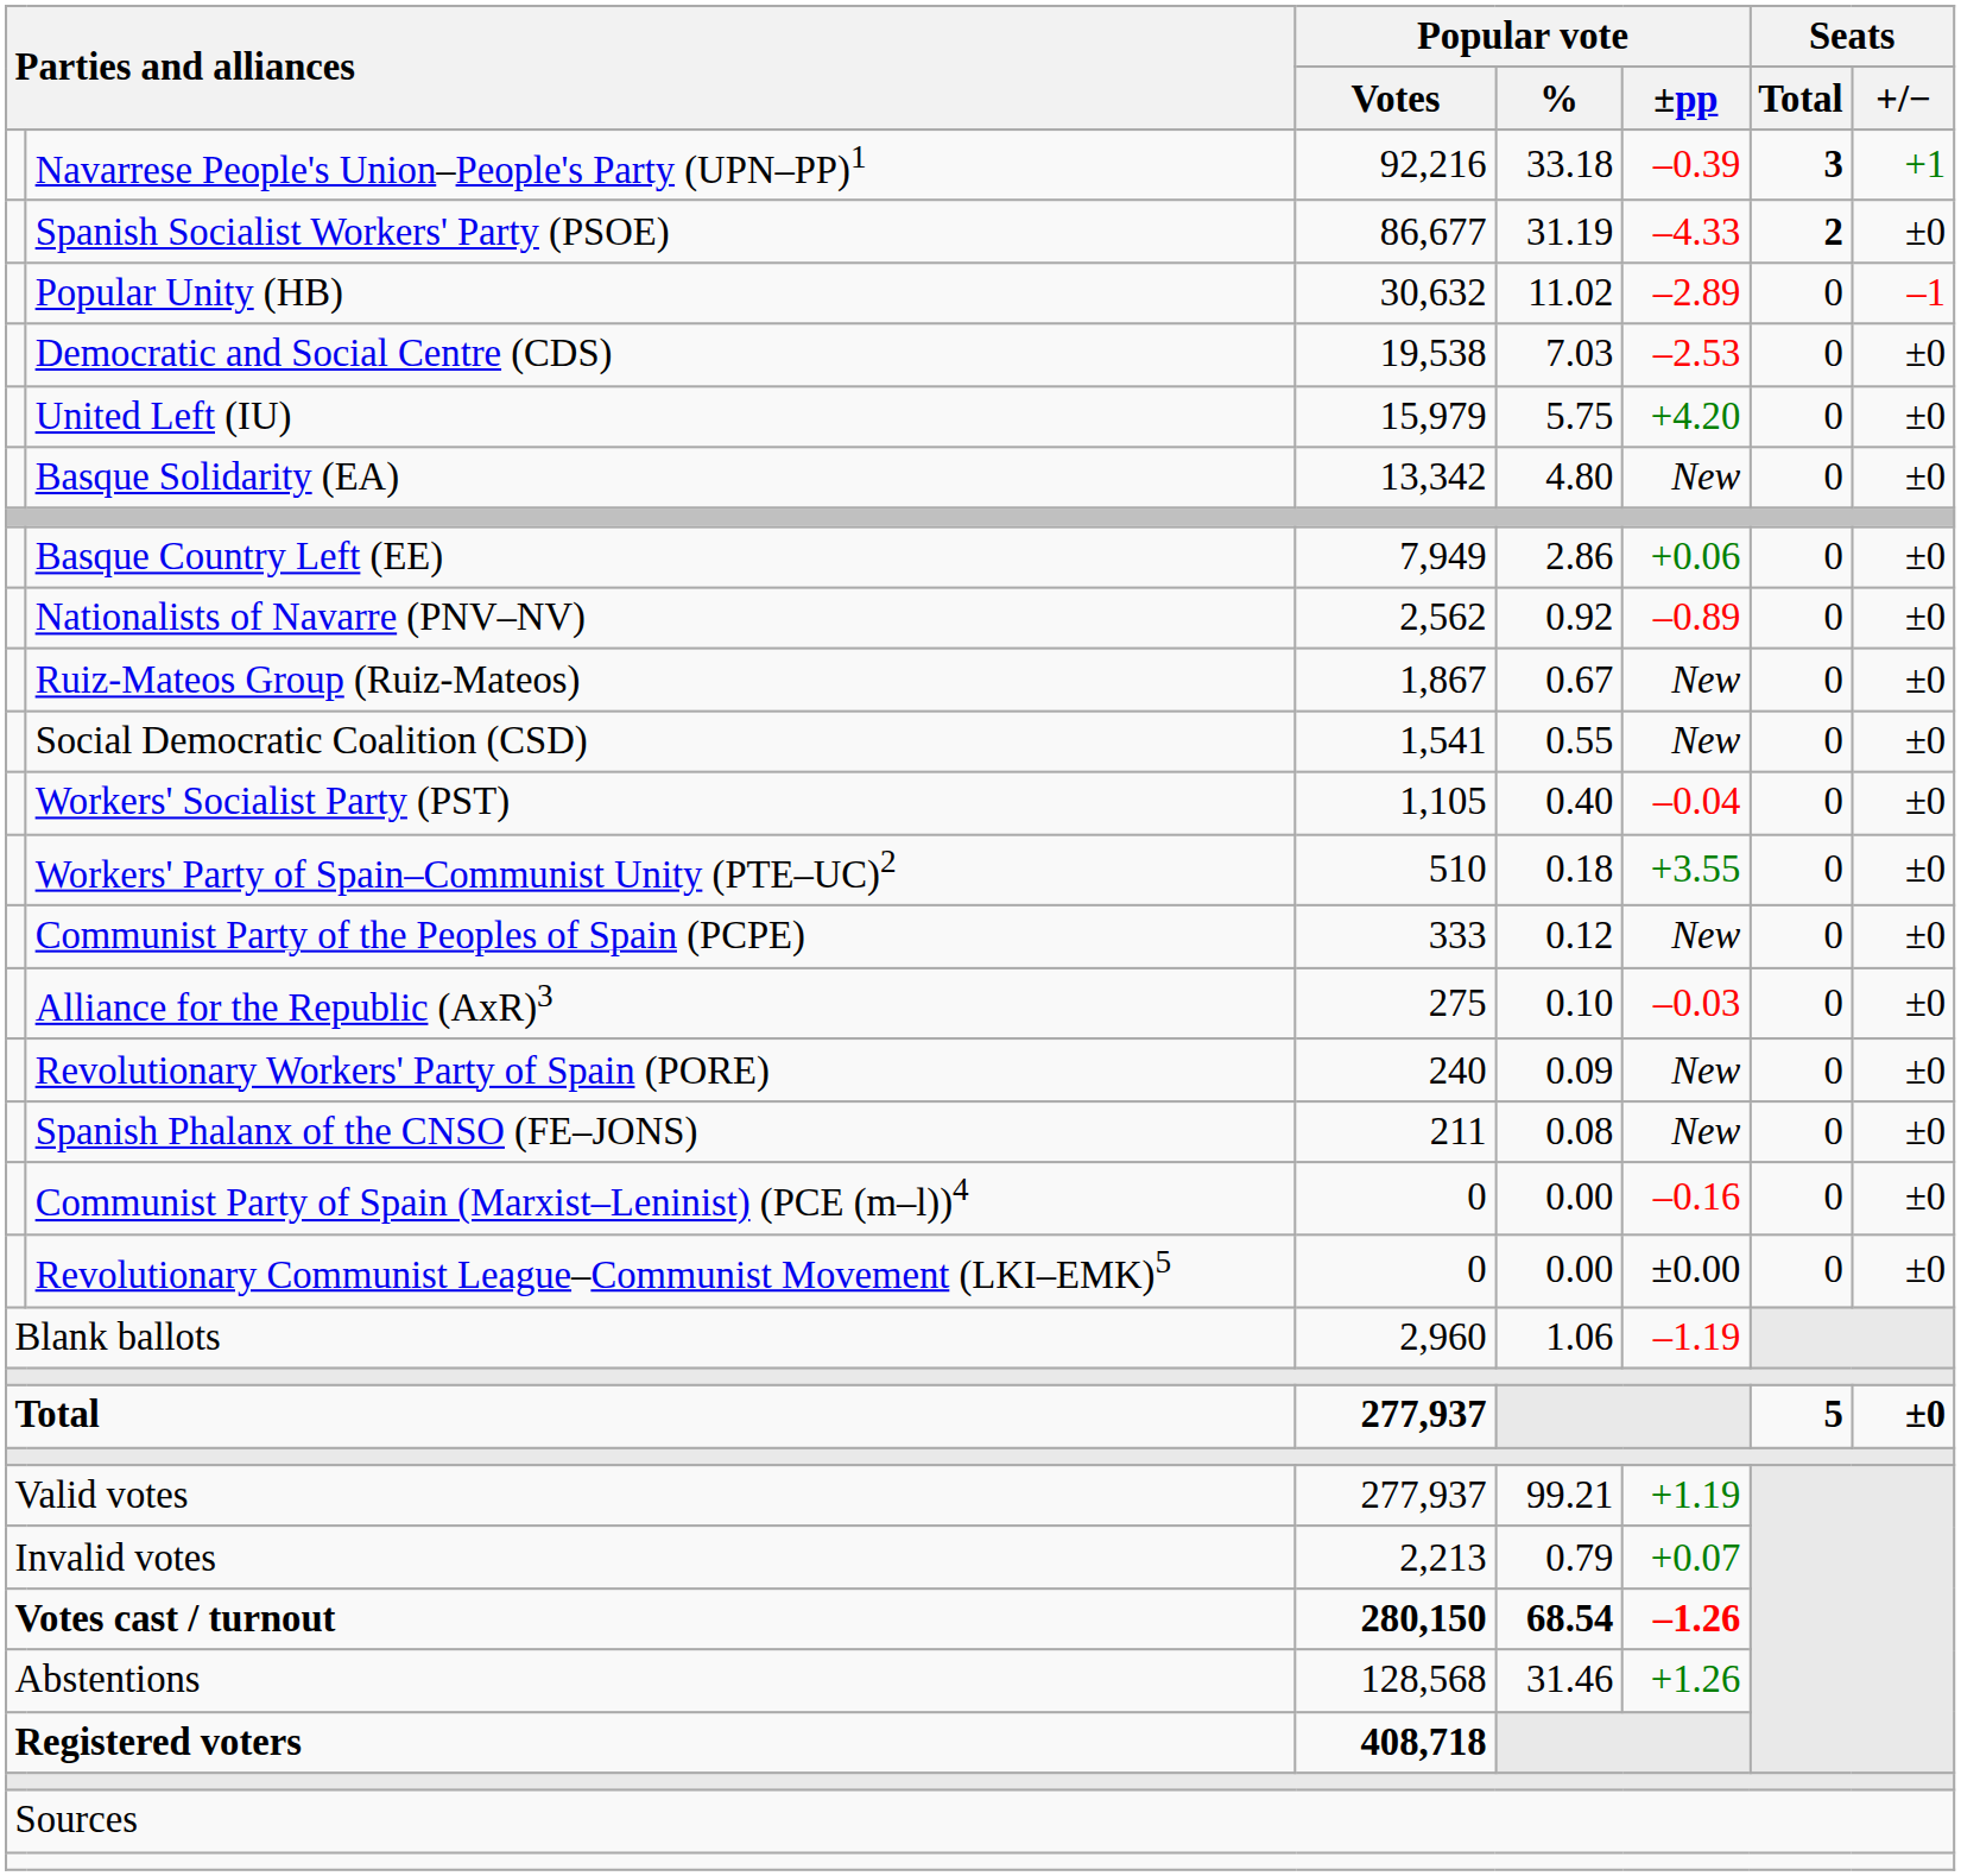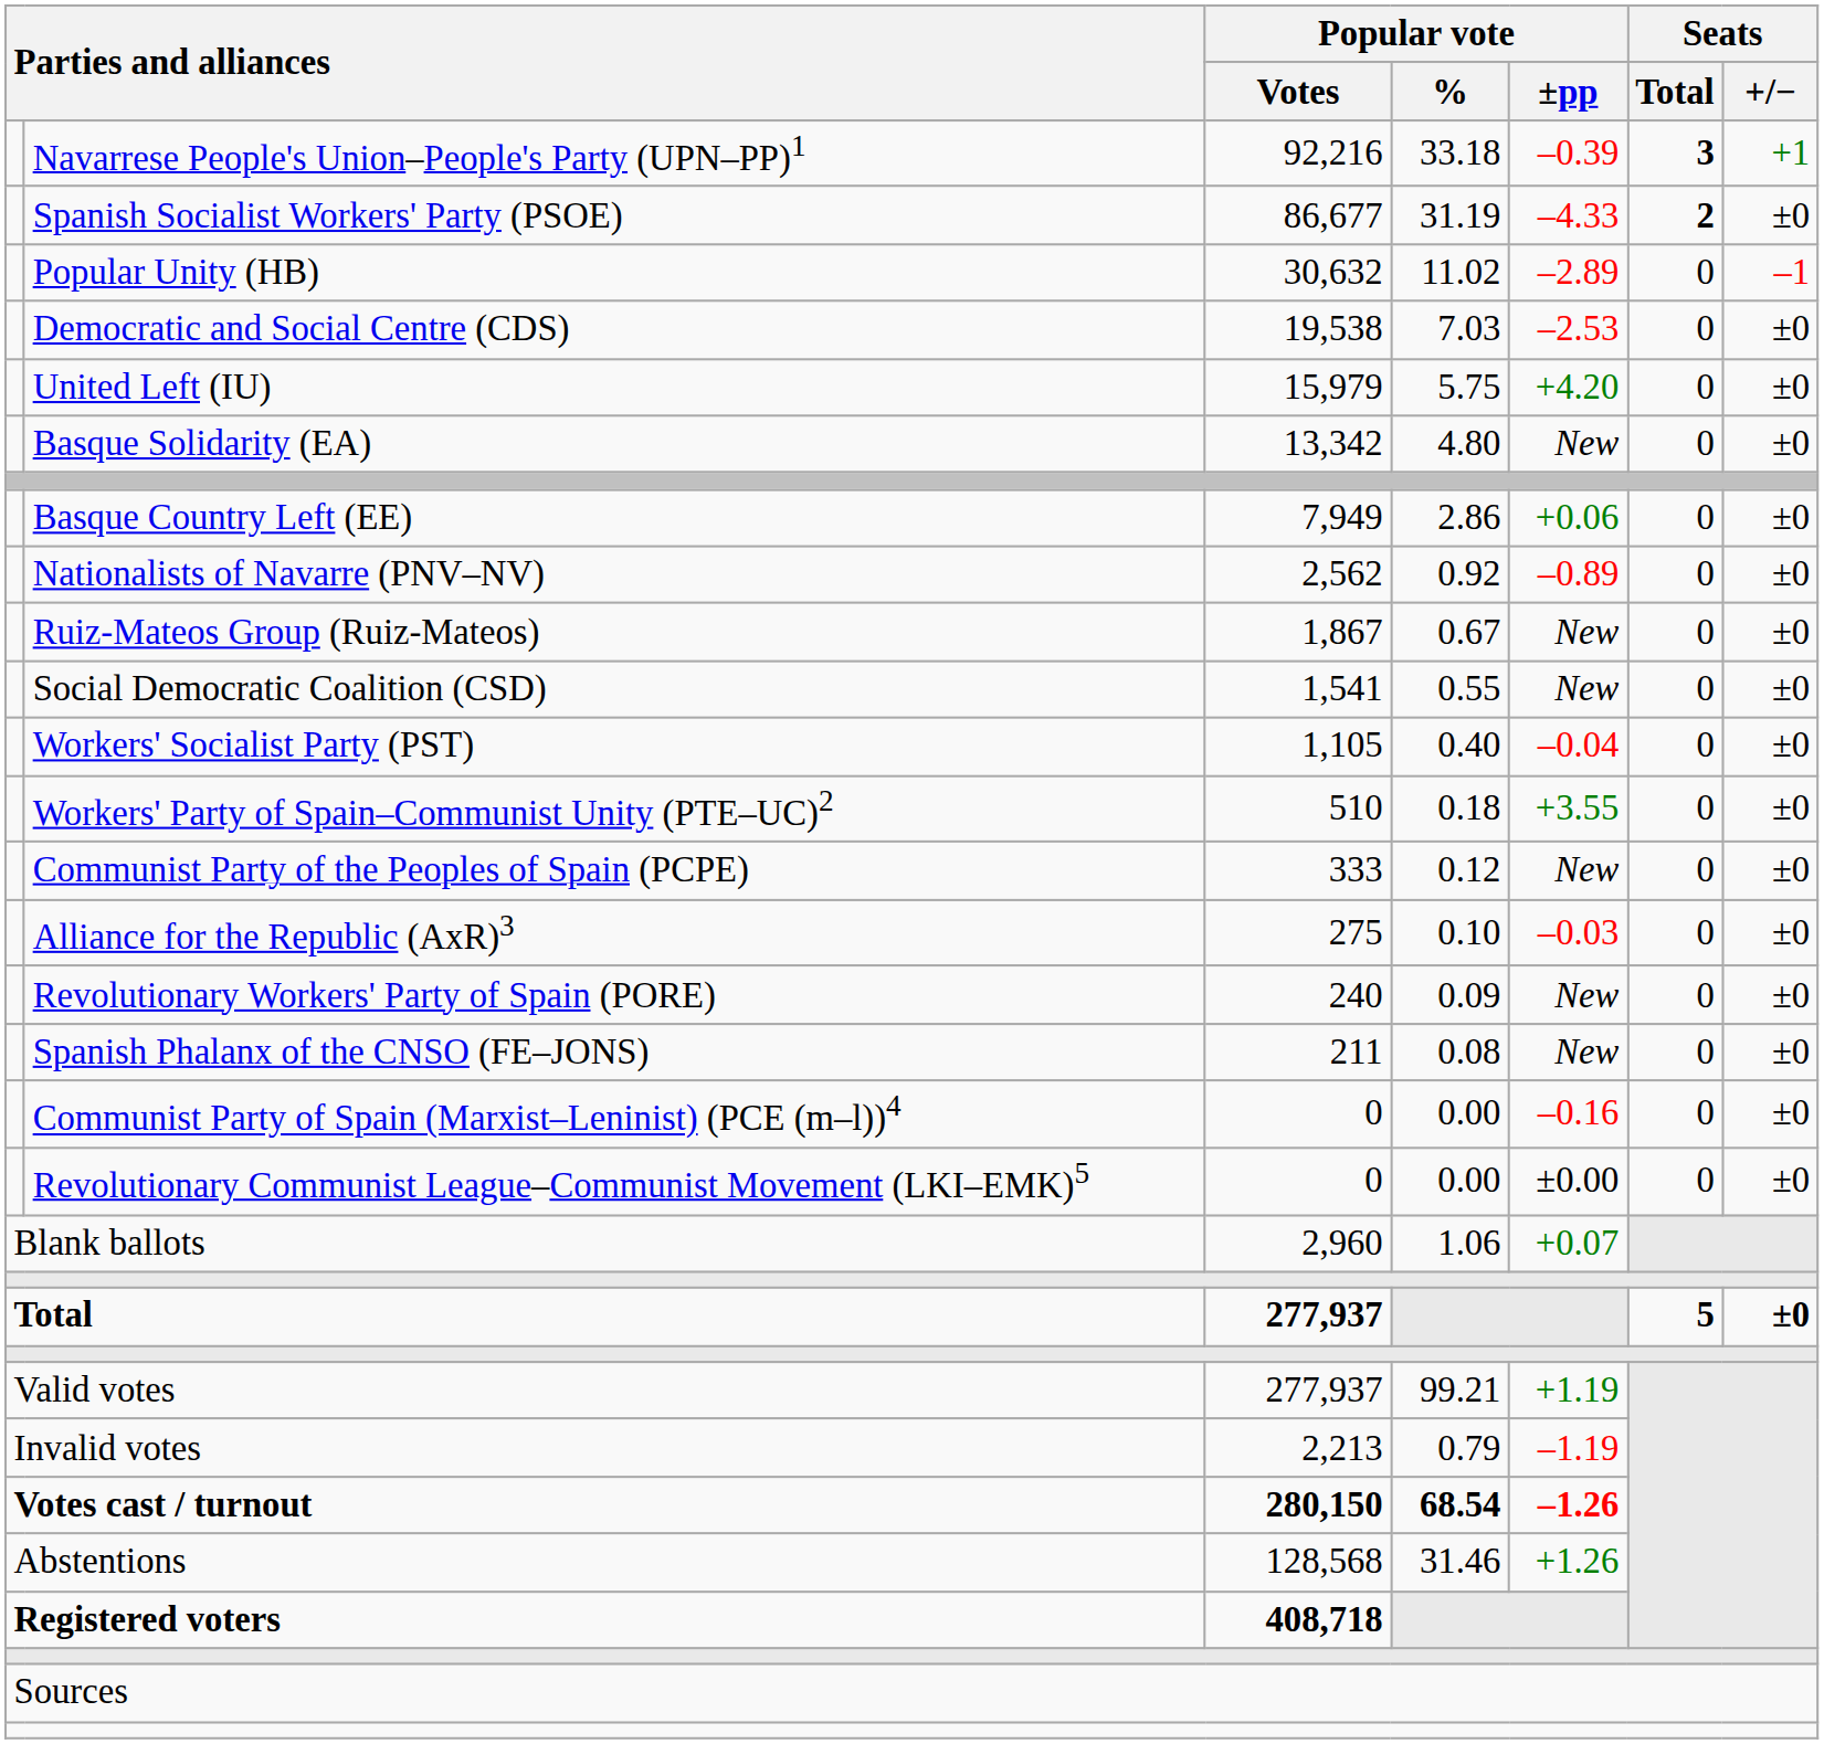 <table class="wikitable" style="text-align:right;">
 <tr>
 <th style="text-align:left;" rowspan="2" colspan="2" width="525">Parties and alliances</th>
 <th colspan="3">Popular vote</th>
 <th colspan="2">Seats</th>
 </tr>
 <tr>
 <th width="75">Votes</th>
 <th width="45">%</th>
 <th width="45">±<a href='#'>pp</a></th>
 <th width="35">Total</th>
 <th width="35">+/−</th>
 </tr>
 <tr>
 <td width="1" style="color:inherit;background:"></td>
 <td align="left"><a href='#'>Navarrese People's Union</a>–<a href='#'>People's Party</a> (UPN–PP)<sup>1</sup></td>
 <td>92,216</td>
 <td>33.18</td>
 <td style="color:red;">–0.39</td>
 <td><strong>3</strong></td>
 <td style="color:green;">+1</td>
 </tr>
 <tr>
 <td style="color:inherit;background:"></td>
 <td align="left"><a href='#'>Spanish Socialist Workers' Party</a> (PSOE)</td>
 <td>86,677</td>
 <td>31.19</td>
 <td style="color:red;">–4.33</td>
 <td><strong>2</strong></td>
 <td>±0</td>
 </tr>
 <tr>
 <td style="color:inherit;background:"></td>
 <td align="left"><a href='#'>Popular Unity</a> (HB)</td>
 <td>30,632</td>
 <td>11.02</td>
 <td style="color:red;">–2.89</td>
 <td>0</td>
 <td style="color:red;">–1</td>
 </tr>
 <tr>
 <td style="color:inherit;background:"></td>
 <td align="left"><a href='#'>Democratic and Social Centre</a> (CDS)</td>
 <td>19,538</td>
 <td>7.03</td>
 <td style="color:red;">–2.53</td>
 <td>0</td>
 <td>±0</td>
 </tr>
 <tr>
 <td style="color:inherit;background:"></td>
 <td align="left"><a href='#'>United Left</a> (IU)</td>
 <td>15,979</td>
 <td>5.75</td>
 <td style="color:green;">+4.20</td>
 <td>0</td>
 <td>±0</td>
 </tr>
 <tr>
 <td style="color:inherit;background:"></td>
 <td align="left"><a href='#'>Basque Solidarity</a> (EA)</td>
 <td>13,342</td>
 <td>4.80</td>
 <td><em>New</em></td>
 <td>0</td>
 <td>±0</td>
 </tr>
 <tr>
 <td colspan="7" bgcolor="#C0C0C0"></td>
 </tr>
 <tr>
 <td style="color:inherit;background:"></td>
 <td align="left"><a href='#'>Basque Country Left</a> (EE)</td>
 <td>7,949</td>
 <td>2.86</td>
 <td style="color:green;">+0.06</td>
 <td>0</td>
 <td>±0</td>
 </tr>
 <tr>
 <td style="color:inherit;background:"></td>
 <td align="left"><a href='#'>Nationalists of Navarre</a> (PNV–NV)</td>
 <td>2,562</td>
 <td>0.92</td>
 <td style="color:red;">–0.89</td>
 <td>0</td>
 <td>±0</td>
 </tr>
 <tr>
 <td style="color:inherit;background:"></td>
 <td align="left"><a href='#'>Ruiz-Mateos Group</a> (Ruiz-Mateos)</td>
 <td>1,867</td>
 <td>0.67</td>
 <td><em>New</em></td>
 <td>0</td>
 <td>±0</td>
 </tr>
 <tr>
 <td style="color:inherit;background:"></td>
 <td align="left">Social Democratic Coalition (CSD)</td>
 <td>1,541</td>
 <td>0.55</td>
 <td><em>New</em></td>
 <td>0</td>
 <td>±0</td>
 </tr>
 <tr>
 <td style="color:inherit;background:"></td>
 <td align="left"><a href='#'>Workers' Socialist Party</a> (PST)</td>
 <td>1,105</td>
 <td>0.40</td>
 <td style="color:red;">–0.04</td>
 <td>0</td>
 <td>±0</td>
 </tr>
 <tr>
 <td style="color:inherit;background:"></td>
 <td align="left"><a href='#'>Workers' Party of Spain–Communist Unity</a> (PTE–UC)<sup>2</sup></td>
 <td>510</td>
 <td>0.18</td>
 <td style="color:green;">+3.55</td>
 <td>0</td>
 <td>±0</td>
 </tr>
 <tr>
 <td style="color:inherit;background:"></td>
 <td align="left"><a href='#'>Communist Party of the Peoples of Spain</a> (PCPE)</td>
 <td>333</td>
 <td>0.12</td>
 <td><em>New</em></td>
 <td>0</td>
 <td>±0</td>
 </tr>
 <tr>
 <td style="color:inherit;background:"></td>
 <td align="left"><a href='#'>Alliance for the Republic</a> (AxR)<sup>3</sup></td>
 <td>275</td>
 <td>0.10</td>
 <td style="color:red;">–0.03</td>
 <td>0</td>
 <td>±0</td>
 </tr>
 <tr>
 <td style="color:inherit;background:"></td>
 <td align="left"><a href='#'>Revolutionary Workers' Party of Spain</a> (PORE)</td>
 <td>240</td>
 <td>0.09</td>
 <td><em>New</em></td>
 <td>0</td>
 <td>±0</td>
 </tr>
 <tr>
 <td style="color:inherit;background:"></td>
 <td align="left"><a href='#'>Spanish Phalanx of the CNSO</a> (FE–JONS)</td>
 <td>211</td>
 <td>0.08</td>
 <td><em>New</em></td>
 <td>0</td>
 <td>±0</td>
 </tr>
 <tr>
 <td style="color:inherit;background:"></td>
 <td align="left"><a href='#'>Communist Party of Spain (Marxist–Leninist)</a> (PCE (m–l))<sup>4</sup></td>
 <td>0</td>
 <td>0.00</td>
 <td style="color:red;">–0.16</td>
 <td>0</td>
 <td>±0</td>
 </tr>
 <tr>
 <td style="color:inherit;background:"></td>
 <td align="left"><a href='#'>Revolutionary Communist League</a>–<a href='#'>Communist Movement</a> (LKI–EMK)<sup>5</sup></td>
 <td>0</td>
 <td>0.00</td>
 <td>±0.00</td>
 <td>0</td>
 <td>±0</td>
 </tr>
 <tr>
 <td align="left" colspan="2">Blank ballots</td>
 <td>2,960</td>
 <td>1.06</td>
-<td style="color:red;">–1.19</td>
+<td style="color:green;">+0.07</td>
 <td bgcolor="#E9E9E9" colspan="2"></td>
 </tr>
 <tr>
 <td colspan="7" bgcolor="#E9E9E9"></td>
 </tr>
 <tr style="font-weight:bold;">
 <td align="left" colspan="2">Total</td>
 <td>277,937</td>
 <td bgcolor="#E9E9E9" colspan="2"></td>
 <td>5</td>
 <td>±0</td>
 </tr>
 <tr>
 <td colspan="7" bgcolor="#E9E9E9"></td>
 </tr>
 <tr>
 <td align="left" colspan="2">Valid votes</td>
 <td>277,937</td>
 <td>99.21</td>
 <td style="color:green;">+1.19</td>
 <td bgcolor="#E9E9E9" colspan="2" rowspan="5"></td>
 </tr>
 <tr>
 <td align="left" colspan="2">Invalid votes</td>
 <td>2,213</td>
 <td>0.79</td>
-<td style="color:green;">+0.07</td>
+<td style="color:red;">–1.19</td>
 </tr>
 <tr style="font-weight:bold;">
 <td align="left" colspan="2">Votes cast / turnout</td>
 <td>280,150</td>
 <td>68.54</td>
 <td style="color:red;">–1.26</td>
 </tr>
 <tr>
 <td align="left" colspan="2">Abstentions</td>
 <td>128,568</td>
 <td>31.46</td>
 <td style="color:green;">+1.26</td>
 </tr>
 <tr style="font-weight:bold;">
 <td align="left" colspan="2">Registered voters</td>
 <td>408,718</td>
 <td bgcolor="#E9E9E9" colspan="2"></td>
 </tr>
 <tr>
 <td colspan="7" bgcolor="#E9E9E9"></td>
 </tr>
 <tr>
 <td align="left" colspan="7">Sources</td>
 </tr>
 <tr>
 <td colspan="7" style="text-align:left; max-width:790px;"></td>
 </tr>
 </table>
